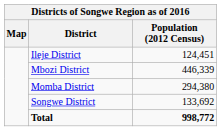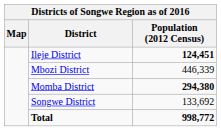 <table class="wikitable">
 <tr>
 <th colspan="8">Districts of Songwe Region as of 2016</th>
 </tr>
 <tr style="text-align:center;">
 <th>Map</th>
 <th style="width: 10em">District</th>
 <th style="width: 8em">Population<br>(2012 Census)</th>
 </tr>
 <tr>
 <td rowspan=5></td>
 <td><a href='#'>Ileje District</a></td>
-<td style="text-align:right;">124,451</td>
+<td style="text-align:right;"><strong>124,451</strong></td>
 </tr>
 <tr>
 <td><a href='#'>Mbozi District</a></td>
 <td style="text-align:right;">446,339</td>
 </tr>
 <tr>
 <td><a href='#'>Momba District</a></td>
-<td style="text-align:right;">294,380</td>
+<td style="text-align:right;"><strong>294,380</strong></td>
 </tr>
 <tr>
 <td><a href='#'>Songwe District</a></td>
 <td style="text-align:right;">133,692</td>
 </tr>
 <tr>
 <td><strong>Total</strong></td>
 <td style="text-align:right;"><strong>998,772</strong></td>
 </tr>
 </table>
